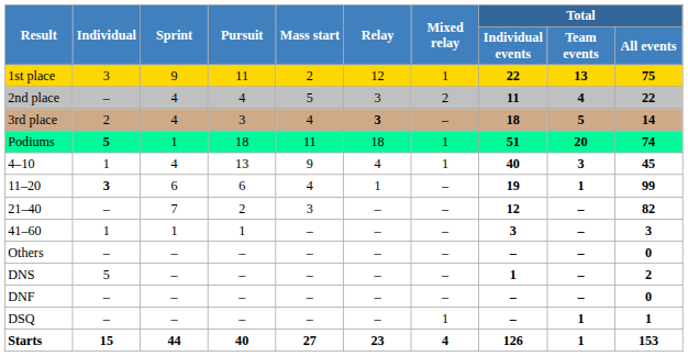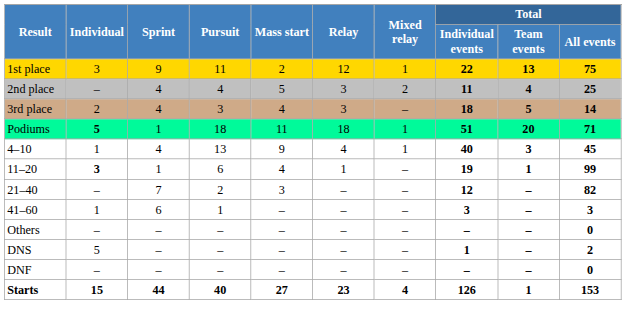 <table class="wikitable" style="font-size:95%; text-align:center; border:grey solid 1px; border-collapse:collapse; background:#ffffff;">
 <tr class="hintergrundfarbe5">
 </tr>
 <tr style="background:#efefef;">
 </tr>
 <tr>
 <th rowspan="2" style="background-color:#4180be; color:white; width:70px">Result</th>
 <th rowspan="2" style="background-color:#4180be; color:white; width:70px">Individual</th>
 <th rowspan="2" style="background-color:#4180be; color:white; width:70px">Sprint</th>
 <th rowspan="2" style="background-color:#4180be; color:white; width:70px">Pursuit</th>
 <th rowspan="2" style="background-color:#4180be; color:white; width:70px">Mass start</th>
 <th rowspan="2" style="background-color:#4180be; color:white; width:70px">Relay</th>
 <th rowspan="2" style="background-color:#4180be; color:white; width:70px">Mixed<br>relay</th>
 <th colspan="3" style="background-color:#369;    color:white; width:70px">Total</th>
 </tr>
 <tr>
 <th style="background-color:#4180be; color:white;width:70px;">Individual events</th>
 <th style="background-color:#4180be; color:white;width:70px;">Team events</th>
 <th style="background-color:#4180be; color:white;width:70px;">All events</th>
 </tr>
 <tr style="background:gold;">
 <td align=left>1st place</td>
 <td>3</td>
 <td>9</td>
 <td>11</td>
 <td>2</td>
 <td>12</td>
 <td>1</td>
 <td><strong>22</strong></td>
 <td><strong>13</strong></td>
 <td><strong>75</strong></td>
 </tr>
 <tr style="background:silver;">
 <td align=left>2nd place</td>
 <td>–</td>
 <td>4</td>
 <td>4</td>
 <td>5</td>
 <td>3</td>
 <td>2</td>
 <td><strong>11</strong></td>
 <td><strong>4</strong></td>
-<td><strong>22</strong></td>
+<td><strong>25</strong></td>
 </tr>
 <tr style="background:#cfaa88;">
 <td align=left>3rd place</td>
 <td>2</td>
 <td>4</td>
 <td>3</td>
 <td>4</td>
-<td><strong>3</strong></td>
+<td>3</td>
 <td>–</td>
 <td><strong>18</strong></td>
 <td><strong>5</strong></td>
 <td><strong>14</strong></td>
 </tr>
 <tr style="background:#00FA9A;">
 <td align=left>Podiums</td>
 <td><strong>5</strong></td>
 <td>1</td>
 <td>18</td>
 <td>11</td>
 <td>18</td>
 <td>1</td>
 <td><strong>51</strong></td>
 <td><strong>20</strong></td>
-<td><strong>74</strong></td>
+<td><strong>71</strong></td>
 </tr>
 <tr>
 <td align=left>4–10</td>
 <td>1</td>
 <td>4</td>
 <td>13</td>
 <td>9</td>
 <td>4</td>
 <td>1</td>
 <td><strong>40</strong></td>
 <td><strong>3</strong></td>
 <td><strong>45</strong></td>
 </tr>
 <tr>
 <td align=left>11–20</td>
 <td><strong>3</strong></td>
-<td>6</td>
+<td>1</td>
 <td>6</td>
 <td>4</td>
 <td>1</td>
 <td>–</td>
 <td><strong>19</strong></td>
 <td><strong>1</strong></td>
 <td><strong>99</strong></td>
 </tr>
 <tr>
 <td align=left>21–40</td>
 <td>–</td>
 <td>7</td>
 <td>2</td>
 <td>3</td>
 <td>–</td>
 <td>–</td>
 <td><strong>12</strong></td>
 <td><strong>–</strong></td>
 <td><strong>82</strong></td>
 </tr>
 <tr>
 <td align=left>41–60</td>
 <td>1</td>
-<td>1</td>
+<td>6</td>
 <td>1</td>
 <td>–</td>
 <td>–</td>
 <td>–</td>
 <td><strong>3</strong></td>
 <td><strong>–</strong></td>
 <td><strong>3</strong></td>
 </tr>
 <tr>
 <td align=left>Others</td>
 <td>–</td>
 <td>–</td>
 <td>–</td>
 <td>–</td>
 <td>–</td>
 <td>–</td>
 <td><strong>–</strong></td>
 <td><strong>–</strong></td>
 <td><strong>0</strong></td>
 </tr>
 <tr>
 <td align=left>DNS</td>
 <td>5</td>
 <td>–</td>
 <td>–</td>
 <td>–</td>
 <td>–</td>
 <td>–</td>
 <td><strong>1</strong></td>
 <td><strong>–</strong></td>
 <td><strong>2</strong></td>
 </tr>
 <tr>
 <td align=left>DNF</td>
 <td>–</td>
 <td>–</td>
 <td>–</td>
 <td>–</td>
 <td>–</td>
 <td>–</td>
 <td><strong>–</strong></td>
 <td><strong>–</strong></td>
 <td><strong>0</strong></td>
 </tr>
 <tr>
-<td align=left>DSQ</td>
-<td>–</td>
-<td>–</td>
-<td>–</td>
-<td>–</td>
-<td>–</td>
-<td>1</td>
-<td><strong>–</strong></td>
-<td><strong>1</strong></td>
-<td><strong>1</strong></td>
-</tr>
-<tr>
 <td align=left><strong>Starts</strong></td>
 <td><strong>15</strong></td>
 <td><strong>44</strong></td>
 <td><strong>40</strong></td>
 <td><strong>27</strong></td>
 <td><strong>23</strong></td>
 <td><strong>4</strong></td>
 <td><strong>126</strong></td>
 <td><strong>1</strong></td>
 <td><strong>153</strong></td>
 </tr>
 </table>
